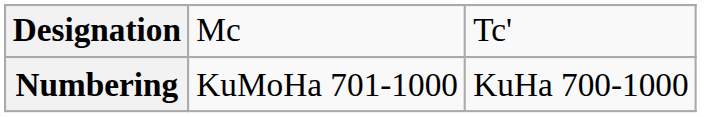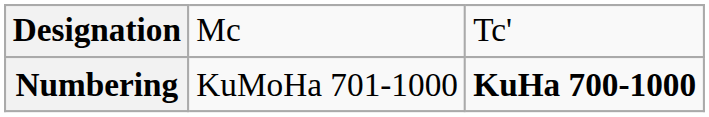 <table class="wikitable">
 <tr>
 <th>Designation</th>
 <td>Mc</td>
 <td>Tc'</td>
 </tr>
 <tr>
 <th>Numbering</th>
 <td>KuMoHa 701-1000</td>
-<td>KuHa 700-1000</td>
+<td><strong>KuHa 700-1000</strong></td>
 </tr>
 </table>
